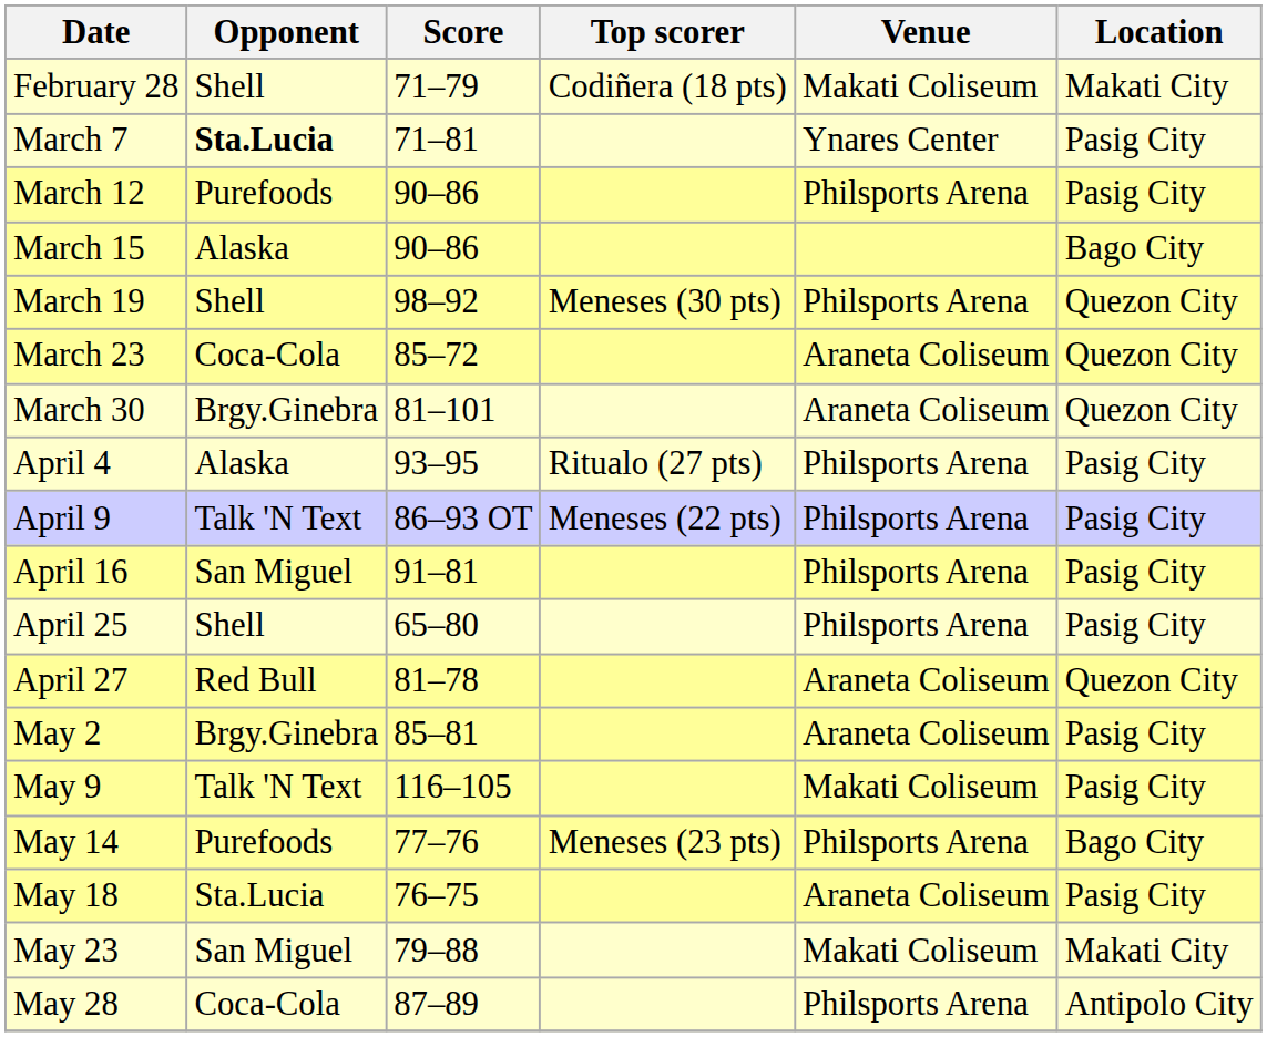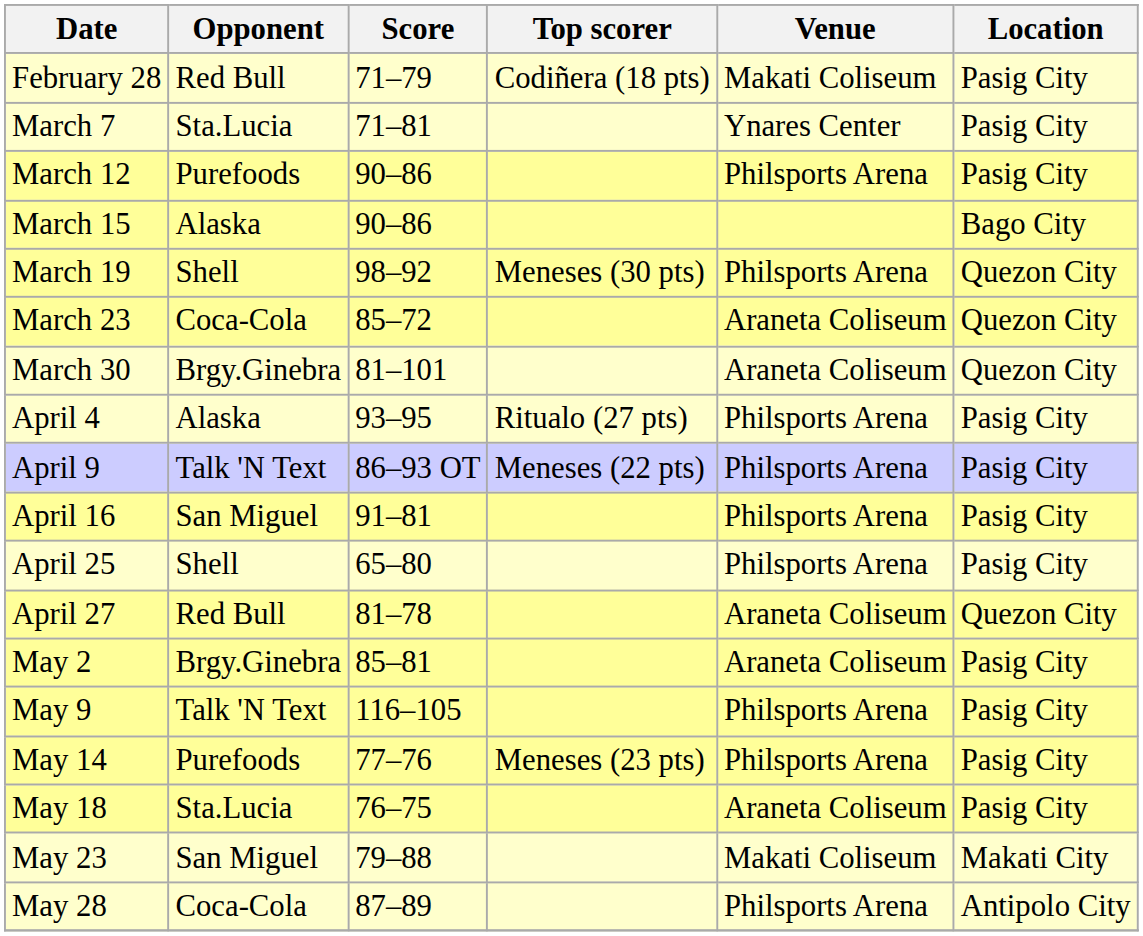 <table class="wikitable sortable sortable">
 <tr>
 <th>Date</th>
 <th>Opponent</th>
 <th>Score</th>
 <th>Top scorer</th>
 <th>Venue</th>
 <th>Location</th>
 </tr>
 <tr bgcolor=#FFFFCC>
 <td>February 28</td>
-<td>Shell</td>
+<td>Red Bull</td>
 <td>71–79</td>
 <td>Codiñera (18 pts)</td>
 <td>Makati Coliseum</td>
-<td>Makati City</td>
+<td>Pasig City</td>
 </tr>
 <tr bgcolor=#FFFFCC>
 <td>March 7</td>
-<td><strong>Sta.Lucia</strong></td>
+<td>Sta.Lucia</td>
 <td>71–81</td>
 <td></td>
 <td>Ynares Center</td>
 <td>Pasig City</td>
 </tr>
 <tr bgcolor=#FFFF99>
 <td>March 12</td>
 <td>Purefoods</td>
 <td>90–86</td>
 <td></td>
 <td>Philsports Arena</td>
 <td>Pasig City</td>
 </tr>
 <tr bgcolor=#FFFF99>
 <td>March 15</td>
 <td>Alaska</td>
 <td>90–86</td>
 <td></td>
 <td></td>
 <td>Bago City</td>
 </tr>
 <tr bgcolor=#FFFF99>
 <td>March 19</td>
 <td>Shell</td>
 <td>98–92</td>
 <td>Meneses (30 pts)</td>
 <td>Philsports Arena</td>
 <td>Quezon City</td>
 </tr>
 <tr bgcolor=#FFFF99>
 <td>March 23</td>
 <td>Coca-Cola</td>
 <td>85–72</td>
 <td></td>
 <td>Araneta Coliseum</td>
 <td>Quezon City</td>
 </tr>
 <tr bgcolor=#FFFFCC>
 <td>March 30</td>
 <td>Brgy.Ginebra</td>
 <td>81–101</td>
 <td></td>
 <td>Araneta Coliseum</td>
 <td>Quezon City</td>
 </tr>
 <tr bgcolor=#FFFFCC>
 <td>April 4</td>
 <td>Alaska</td>
 <td>93–95</td>
 <td>Ritualo (27 pts)</td>
 <td>Philsports Arena</td>
 <td>Pasig City</td>
 </tr>
 <tr bgcolor=#ccccff>
 <td>April 9</td>
 <td>Talk 'N Text</td>
 <td>86–93 OT</td>
 <td>Meneses (22 pts)</td>
 <td>Philsports Arena</td>
 <td>Pasig City</td>
 </tr>
 <tr bgcolor=#FFFF99>
 <td>April 16</td>
 <td>San Miguel</td>
 <td>91–81</td>
 <td></td>
 <td>Philsports Arena</td>
 <td>Pasig City</td>
 </tr>
 <tr bgcolor=#FFFFCC>
 <td>April 25</td>
 <td>Shell</td>
 <td>65–80</td>
 <td></td>
 <td>Philsports Arena</td>
 <td>Pasig City</td>
 </tr>
 <tr bgcolor=#FFFF99>
 <td>April 27</td>
 <td>Red Bull</td>
 <td>81–78</td>
 <td></td>
 <td>Araneta Coliseum</td>
 <td>Quezon City</td>
 </tr>
 <tr bgcolor=#FFFF99>
 <td>May 2</td>
 <td>Brgy.Ginebra</td>
 <td>85–81</td>
 <td></td>
 <td>Araneta Coliseum</td>
 <td>Pasig City</td>
 </tr>
 <tr bgcolor=#FFFF99>
 <td>May 9</td>
 <td>Talk 'N Text</td>
 <td>116–105</td>
 <td></td>
-<td>Makati Coliseum</td>
+<td>Philsports Arena</td>
 <td>Pasig City</td>
 </tr>
 <tr bgcolor=#FFFF99>
 <td>May 14</td>
 <td>Purefoods</td>
 <td>77–76</td>
 <td>Meneses (23 pts)</td>
 <td>Philsports Arena</td>
-<td>Bago City</td>
+<td>Pasig City</td>
 </tr>
 <tr bgcolor=#FFFF99>
 <td>May 18</td>
 <td>Sta.Lucia</td>
 <td>76–75</td>
 <td></td>
 <td>Araneta Coliseum</td>
 <td>Pasig City</td>
 </tr>
 <tr bgcolor=#FFFFCC>
 <td>May 23</td>
 <td>San Miguel</td>
 <td>79–88</td>
 <td></td>
 <td>Makati Coliseum</td>
 <td>Makati City</td>
 </tr>
 <tr bgcolor=#FFFFCC>
 <td>May 28</td>
 <td>Coca-Cola</td>
 <td>87–89</td>
 <td></td>
 <td>Philsports Arena</td>
 <td>Antipolo City</td>
 </tr>
 <tr>
 </tr>
 </table>
